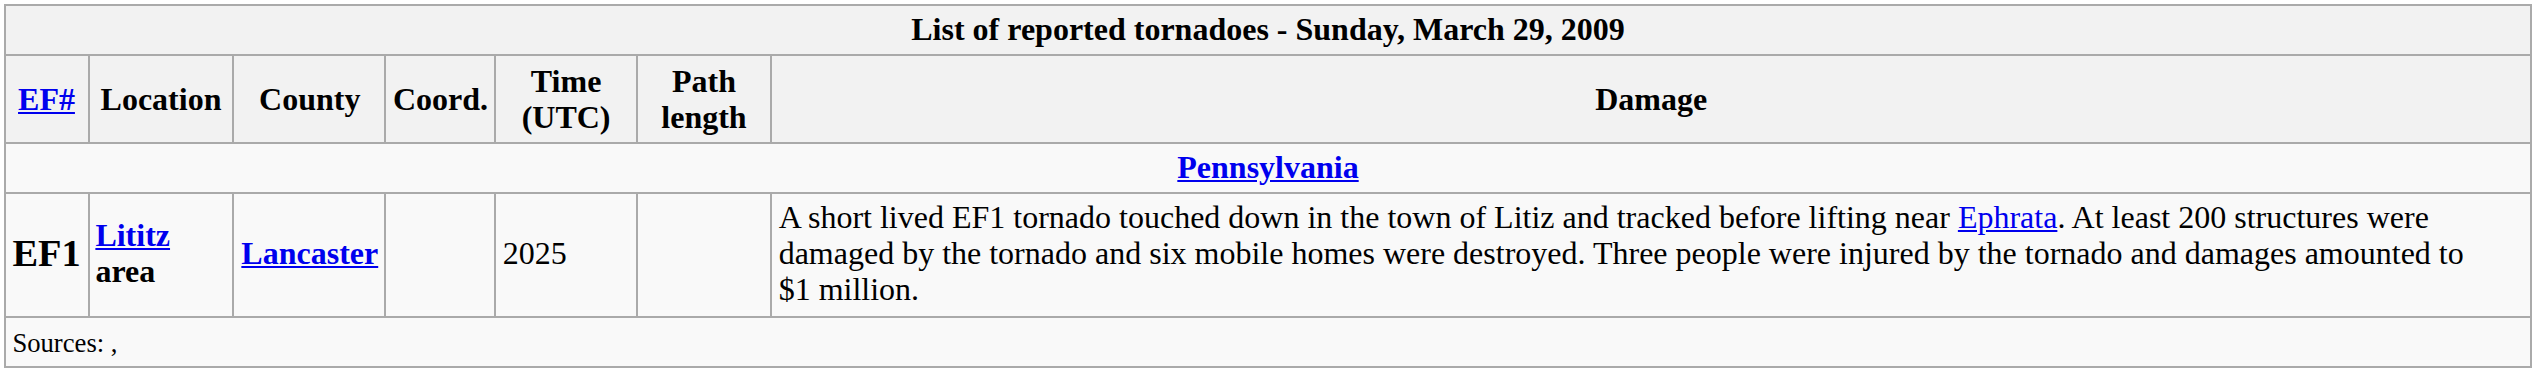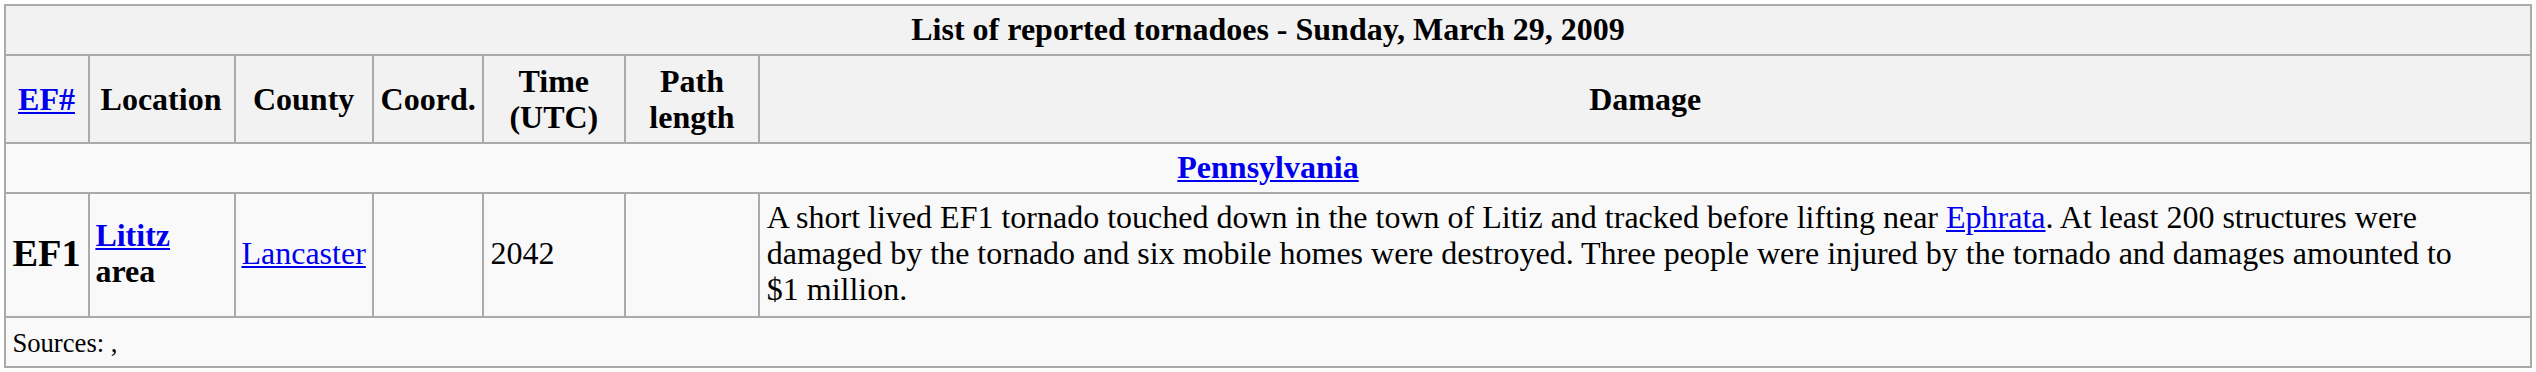 <table class="wikitable collapsible" width="100%">
 <tr>
 <th colspan="7">List of reported tornadoes - Sunday, March 29, 2009</th>
 </tr>
 <tr>
 <th><a href='#'>EF#</a></th>
 <th>Location</th>
 <th>County</th>
 <th>Coord.</th>
 <th>Time (UTC)</th>
 <th>Path length</th>
 <th>Damage</th>
 </tr>
 <tr>
 <td colspan="7" align=center><strong><a href='#'>Pennsylvania</a></strong></td>
 </tr>
 <tr>
 <td><big><strong>EF1</strong></big></td>
 <td><strong><a href='#'>Lititz</a> area</strong></td>
-<td><strong><a href='#'>Lancaster</a></strong></td>
+<td><a href='#'>Lancaster</a></td>
 <td></td>
-<td>2025</td>
+<td>2042</td>
 <td></td>
 <td>A short lived EF1 tornado touched down in the town of Litiz and tracked  before lifting near <a href='#'>Ephrata</a>. At least 200 structures were damaged by the tornado and six mobile homes were destroyed. Three people were injured by the tornado and damages amounted to $1 million.</td>
 </tr>
 <tr>
 <td colspan="7"><small>Sources: , </small></td>
 </tr>
 <tr>
 </tr>
 </table>
